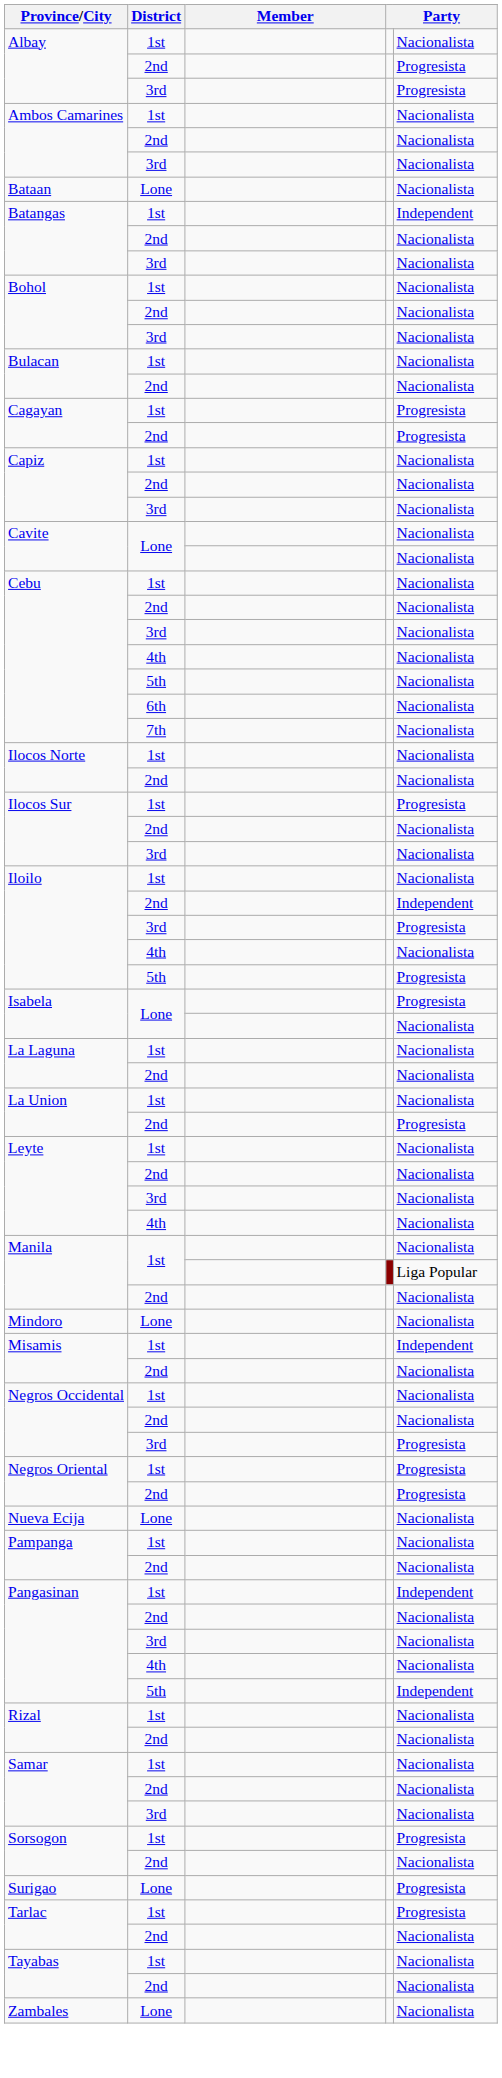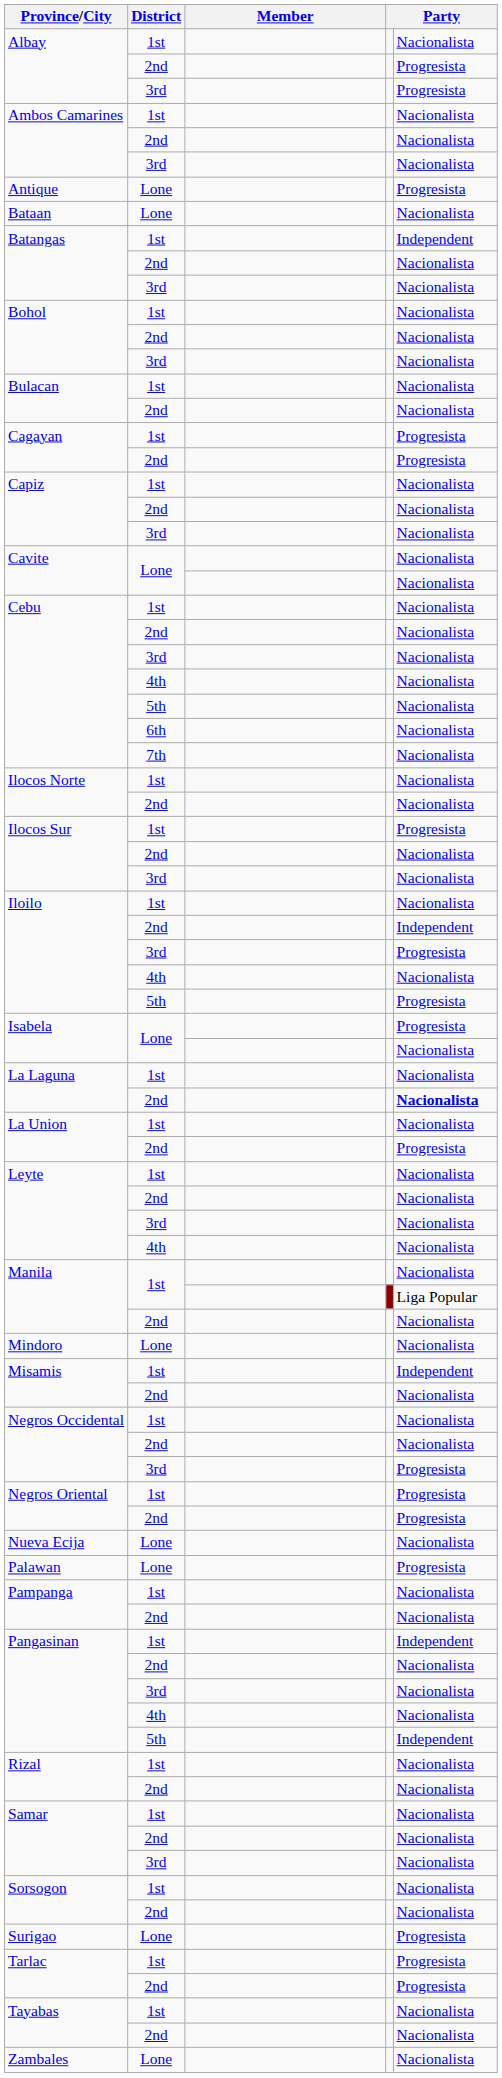 <table class="wikitable sortable">
 <tr>
 <th><a href='#'>Province</a>/<a href='#'>City</a></th>
 <th><a href='#'>District</a></th>
 <th width="200px"><a href='#'>Member</a></th>
 <th colspan="2"><a href='#'>Party</a></th>
 </tr>
 <tr>
 <td rowspan="3" valign="top"><a href='#'>Albay</a></td>
 <td align="center"><a href='#'>1st</a></td>
 <td></td>
 <td></td>
 <td width="100px"><a href='#'>Nacionalista</a></td>
 </tr>
 <tr>
 <td align="center"><a href='#'>2nd</a></td>
 <td></td>
 <td></td>
 <td><a href='#'>Progresista</a></td>
 </tr>
 <tr>
 <td align="center"><a href='#'>3rd</a></td>
 <td></td>
 <td></td>
 <td><a href='#'>Progresista</a></td>
 </tr>
 <tr>
 <td rowspan="3" valign="top"><a href='#'>Ambos Camarines</a></td>
 <td align="center"><a href='#'>1st</a></td>
 <td></td>
 <td></td>
 <td><a href='#'>Nacionalista</a></td>
 </tr>
 <tr>
 <td align="center"><a href='#'>2nd</a></td>
 <td></td>
 <td></td>
 <td><a href='#'>Nacionalista</a></td>
 </tr>
 <tr>
 <td align="center"><a href='#'>3rd</a></td>
 <td></td>
 <td></td>
 <td><a href='#'>Nacionalista</a></td>
+</tr>
+<tr>
+<td><a href='#'>Antique</a></td>
+<td align="center"><a href='#'>Lone</a></td>
+<td></td>
+<td></td>
+<td><a href='#'>Progresista</a></td>
 </tr>
 <tr>
 <td valign="top"><a href='#'>Bataan</a></td>
 <td align="center"><a href='#'>Lone</a></td>
 <td></td>
 <td></td>
 <td><a href='#'>Nacionalista</a></td>
 </tr>
 <tr>
 <td rowspan="3" valign="top"><a href='#'>Batangas</a></td>
 <td align="center"><a href='#'>1st</a></td>
 <td></td>
 <td></td>
 <td><a href='#'>Independent</a></td>
 </tr>
 <tr>
 <td align="center"><a href='#'>2nd</a></td>
 <td></td>
 <td></td>
 <td><a href='#'>Nacionalista</a></td>
 </tr>
 <tr>
 <td align="center"><a href='#'>3rd</a></td>
 <td></td>
 <td></td>
 <td><a href='#'>Nacionalista</a></td>
 </tr>
 <tr>
 <td rowspan="3" valign="top"><a href='#'>Bohol</a></td>
 <td align="center"><a href='#'>1st</a></td>
 <td></td>
 <td></td>
 <td><a href='#'>Nacionalista</a></td>
 </tr>
 <tr>
 <td align="center"><a href='#'>2nd</a></td>
 <td></td>
 <td></td>
 <td><a href='#'>Nacionalista</a></td>
 </tr>
 <tr>
 <td align="center"><a href='#'>3rd</a></td>
 <td></td>
 <td></td>
 <td><a href='#'>Nacionalista</a></td>
 </tr>
 <tr>
 <td rowspan="2" valign="top"><a href='#'>Bulacan</a></td>
 <td align="center"><a href='#'>1st</a></td>
 <td></td>
 <td></td>
 <td><a href='#'>Nacionalista</a></td>
 </tr>
 <tr>
 <td align="center"><a href='#'>2nd</a></td>
 <td></td>
 <td></td>
 <td><a href='#'>Nacionalista</a></td>
 </tr>
 <tr>
 <td rowspan="2" valign="top"><a href='#'>Cagayan</a></td>
 <td align="center"><a href='#'>1st</a></td>
 <td></td>
 <td></td>
 <td><a href='#'>Progresista</a></td>
 </tr>
 <tr>
 <td align="center"><a href='#'>2nd</a></td>
 <td></td>
 <td></td>
 <td><a href='#'>Progresista</a></td>
 </tr>
 <tr>
 <td rowspan="3" valign="top"><a href='#'>Capiz</a></td>
 <td align="center"><a href='#'>1st</a></td>
 <td></td>
 <td></td>
 <td><a href='#'>Nacionalista</a></td>
 </tr>
 <tr>
 <td align="center"><a href='#'>2nd</a></td>
 <td></td>
 <td></td>
 <td><a href='#'>Nacionalista</a></td>
 </tr>
 <tr>
 <td align="center"><a href='#'>3rd</a></td>
 <td></td>
 <td></td>
 <td><a href='#'>Nacionalista</a></td>
 </tr>
 <tr>
 <td rowspan="2" valign="top"><a href='#'>Cavite</a></td>
 <td rowspan="2" align="center"><a href='#'>Lone</a></td>
 <td></td>
 <td></td>
 <td><a href='#'>Nacionalista</a></td>
 </tr>
 <tr>
 <td></td>
 <td></td>
 <td><a href='#'>Nacionalista</a></td>
 </tr>
 <tr>
 <td rowspan="7" valign="top"><a href='#'>Cebu</a></td>
 <td align="center"><a href='#'>1st</a></td>
 <td></td>
 <td></td>
 <td><a href='#'>Nacionalista</a></td>
 </tr>
 <tr>
 <td align="center"><a href='#'>2nd</a></td>
 <td></td>
 <td></td>
 <td><a href='#'>Nacionalista</a></td>
 </tr>
 <tr>
 <td align="center"><a href='#'>3rd</a></td>
 <td></td>
 <td></td>
 <td><a href='#'>Nacionalista</a></td>
 </tr>
 <tr>
 <td align="center"><a href='#'>4th</a></td>
 <td></td>
 <td></td>
 <td><a href='#'>Nacionalista</a></td>
 </tr>
 <tr>
 <td align="center"><a href='#'>5th</a></td>
 <td></td>
 <td></td>
 <td><a href='#'>Nacionalista</a></td>
 </tr>
 <tr>
 <td align="center"><a href='#'>6th</a></td>
 <td></td>
 <td></td>
 <td><a href='#'>Nacionalista</a></td>
 </tr>
 <tr>
 <td align="center"><a href='#'>7th</a></td>
 <td></td>
 <td></td>
 <td><a href='#'>Nacionalista</a></td>
 </tr>
 <tr>
 <td rowspan="2" valign="top"><a href='#'>Ilocos Norte</a></td>
 <td align="center"><a href='#'>1st</a></td>
 <td></td>
 <td></td>
 <td><a href='#'>Nacionalista</a></td>
 </tr>
 <tr>
 <td align="center"><a href='#'>2nd</a></td>
 <td></td>
 <td></td>
 <td><a href='#'>Nacionalista</a></td>
 </tr>
 <tr>
 <td rowspan="3" valign="top"><a href='#'>Ilocos Sur</a></td>
 <td align="center"><a href='#'>1st</a></td>
 <td></td>
 <td></td>
 <td><a href='#'>Progresista</a></td>
 </tr>
 <tr>
 <td align="center"><a href='#'>2nd</a></td>
 <td></td>
 <td></td>
 <td><a href='#'>Nacionalista</a></td>
 </tr>
 <tr>
 <td align="center"><a href='#'>3rd</a></td>
 <td></td>
 <td></td>
 <td><a href='#'>Nacionalista</a></td>
 </tr>
 <tr>
 <td rowspan="5" valign="top"><a href='#'>Iloilo</a></td>
 <td align="center"><a href='#'>1st</a></td>
 <td></td>
 <td></td>
 <td><a href='#'>Nacionalista</a></td>
 </tr>
 <tr>
 <td align="center"><a href='#'>2nd</a></td>
 <td></td>
 <td></td>
 <td><a href='#'>Independent</a></td>
 </tr>
 <tr>
 <td align="center"><a href='#'>3rd</a></td>
 <td></td>
 <td></td>
 <td><a href='#'>Progresista</a></td>
 </tr>
 <tr>
 <td align="center"><a href='#'>4th</a></td>
 <td></td>
 <td></td>
 <td><a href='#'>Nacionalista</a></td>
 </tr>
 <tr>
 <td align="center"><a href='#'>5th</a></td>
 <td></td>
 <td></td>
 <td><a href='#'>Progresista</a></td>
 </tr>
 <tr>
 <td rowspan="2" valign="top"><a href='#'>Isabela</a></td>
 <td rowspan="2" align="center"><a href='#'>Lone</a></td>
 <td></td>
 <td></td>
 <td><a href='#'>Progresista</a></td>
 </tr>
 <tr>
 <td></td>
 <td></td>
 <td><a href='#'>Nacionalista</a></td>
 </tr>
 <tr>
 <td rowspan="2" valign="top"><a href='#'>La Laguna</a></td>
 <td align="center"><a href='#'>1st</a></td>
 <td></td>
 <td></td>
 <td><a href='#'>Nacionalista</a></td>
 </tr>
 <tr>
 <td align="center"><a href='#'>2nd</a></td>
 <td></td>
 <td></td>
-<td><a href='#'>Nacionalista</a></td>
+<td><strong><a href='#'>Nacionalista</a></strong></td>
 </tr>
 <tr>
 <td rowspan="2" valign="top"><a href='#'>La Union</a></td>
 <td align="center"><a href='#'>1st</a></td>
 <td></td>
 <td></td>
 <td><a href='#'>Nacionalista</a></td>
 </tr>
 <tr>
 <td align="center"><a href='#'>2nd</a></td>
 <td></td>
 <td></td>
 <td><a href='#'>Progresista</a></td>
 </tr>
 <tr>
 <td rowspan="4" valign="top"><a href='#'>Leyte</a></td>
 <td align="center"><a href='#'>1st</a></td>
 <td></td>
 <td></td>
 <td><a href='#'>Nacionalista</a></td>
 </tr>
 <tr>
 <td align="center"><a href='#'>2nd</a></td>
 <td></td>
 <td></td>
 <td><a href='#'>Nacionalista</a></td>
 </tr>
 <tr>
 <td align="center"><a href='#'>3rd</a></td>
 <td></td>
 <td></td>
 <td><a href='#'>Nacionalista</a></td>
 </tr>
 <tr>
 <td align="center"><a href='#'>4th</a></td>
 <td></td>
 <td></td>
 <td><a href='#'>Nacionalista</a></td>
 </tr>
 <tr>
 <td rowspan="3" valign="top"><a href='#'>Manila</a></td>
 <td rowspan="2" align="center"><a href='#'>1st</a></td>
 <td></td>
 <td></td>
 <td><a href='#'>Nacionalista</a></td>
 </tr>
 <tr>
 <td></td>
 <td bgcolor="darkred"></td>
 <td>Liga Popular</td>
 </tr>
 <tr>
 <td align="center"><a href='#'>2nd</a></td>
 <td></td>
 <td></td>
 <td><a href='#'>Nacionalista</a></td>
 </tr>
 <tr>
 <td><a href='#'>Mindoro</a></td>
 <td align="center"><a href='#'>Lone</a></td>
 <td></td>
 <td></td>
 <td><a href='#'>Nacionalista</a></td>
 </tr>
 <tr>
 <td rowspan="2" valign="top"><a href='#'>Misamis</a></td>
 <td align="center"><a href='#'>1st</a></td>
 <td></td>
 <td></td>
 <td><a href='#'>Independent</a></td>
 </tr>
 <tr>
 <td align="center"><a href='#'>2nd</a></td>
 <td></td>
 <td></td>
 <td><a href='#'>Nacionalista</a></td>
 </tr>
 <tr>
 <td rowspan="3" valign="top"><a href='#'>Negros Occidental</a></td>
 <td align="center"><a href='#'>1st</a></td>
 <td></td>
 <td></td>
 <td><a href='#'>Nacionalista</a></td>
 </tr>
 <tr>
 <td align="center"><a href='#'>2nd</a></td>
 <td></td>
 <td></td>
 <td><a href='#'>Nacionalista</a></td>
 </tr>
 <tr>
 <td align="center"><a href='#'>3rd</a></td>
 <td></td>
 <td></td>
 <td><a href='#'>Progresista</a></td>
 </tr>
 <tr>
 <td rowspan="2" valign="top"><a href='#'>Negros Oriental</a></td>
 <td align="center"><a href='#'>1st</a></td>
 <td></td>
 <td></td>
 <td><a href='#'>Progresista</a></td>
 </tr>
 <tr>
 <td align="center"><a href='#'>2nd</a></td>
 <td></td>
 <td></td>
 <td><a href='#'>Progresista</a></td>
 </tr>
 <tr>
 <td valign="top"><a href='#'>Nueva Ecija</a></td>
 <td align="center"><a href='#'>Lone</a></td>
 <td></td>
 <td></td>
 <td><a href='#'>Nacionalista</a></td>
 </tr>
 <tr>
+<td valign="top"><a href='#'>Palawan</a></td>
+<td align="center"><a href='#'>Lone</a></td>
+<td></td>
+<td></td>
+<td><a href='#'>Progresista</a></td>
+</tr>
+<tr>
 <td rowspan="2" valign="top"><a href='#'>Pampanga</a></td>
 <td align="center"><a href='#'>1st</a></td>
 <td></td>
 <td></td>
 <td><a href='#'>Nacionalista</a></td>
 </tr>
 <tr>
 <td align="center"><a href='#'>2nd</a></td>
 <td></td>
 <td></td>
 <td><a href='#'>Nacionalista</a></td>
 </tr>
 <tr>
 <td rowspan="5" valign="top"><a href='#'>Pangasinan</a></td>
 <td align="center"><a href='#'>1st</a></td>
 <td></td>
 <td></td>
 <td><a href='#'>Independent</a></td>
 </tr>
 <tr>
 <td align="center"><a href='#'>2nd</a></td>
 <td></td>
 <td></td>
 <td><a href='#'>Nacionalista</a></td>
 </tr>
 <tr>
 <td align="center"><a href='#'>3rd</a></td>
 <td></td>
 <td></td>
 <td><a href='#'>Nacionalista</a></td>
 </tr>
 <tr>
 <td align="center"><a href='#'>4th</a></td>
 <td></td>
 <td></td>
 <td><a href='#'>Nacionalista</a></td>
 </tr>
 <tr>
 <td align="center"><a href='#'>5th</a></td>
 <td></td>
 <td></td>
 <td><a href='#'>Independent</a></td>
 </tr>
 <tr>
 <td rowspan="2" valign="top"><a href='#'>Rizal</a></td>
 <td align="center"><a href='#'>1st</a></td>
 <td></td>
 <td></td>
 <td><a href='#'>Nacionalista</a></td>
 </tr>
 <tr>
 <td align="center"><a href='#'>2nd</a></td>
 <td></td>
 <td></td>
 <td><a href='#'>Nacionalista</a></td>
 </tr>
 <tr>
 <td rowspan="3" valign="top"><a href='#'>Samar</a></td>
 <td align="center"><a href='#'>1st</a></td>
 <td></td>
 <td></td>
 <td><a href='#'>Nacionalista</a></td>
 </tr>
 <tr>
 <td align="center"><a href='#'>2nd</a></td>
 <td></td>
 <td></td>
 <td><a href='#'>Nacionalista</a></td>
 </tr>
 <tr>
 <td align="center"><a href='#'>3rd</a></td>
 <td></td>
 <td></td>
 <td><a href='#'>Nacionalista</a></td>
 </tr>
 <tr>
 <td rowspan="2" valign="top"><a href='#'>Sorsogon</a></td>
 <td align="center"><a href='#'>1st</a></td>
 <td></td>
 <td></td>
-<td><a href='#'>Progresista</a></td>
+<td><a href='#'>Nacionalista</a></td>
 </tr>
 <tr>
 <td align="center"><a href='#'>2nd</a></td>
 <td></td>
 <td></td>
 <td><a href='#'>Nacionalista</a></td>
 </tr>
 <tr>
 <td valign="top"><a href='#'>Surigao</a></td>
 <td align="center"><a href='#'>Lone</a></td>
 <td></td>
 <td></td>
 <td><a href='#'>Progresista</a></td>
 </tr>
 <tr>
 <td rowspan="2" valign="top"><a href='#'>Tarlac</a></td>
 <td align="center"><a href='#'>1st</a></td>
 <td></td>
 <td></td>
 <td><a href='#'>Progresista</a></td>
 </tr>
 <tr>
 <td align="center"><a href='#'>2nd</a></td>
 <td></td>
 <td></td>
-<td><a href='#'>Nacionalista</a></td>
+<td><a href='#'>Progresista</a></td>
 </tr>
 <tr>
 <td rowspan="2" valign="top"><a href='#'>Tayabas</a></td>
 <td align="center"><a href='#'>1st</a></td>
 <td></td>
 <td></td>
 <td><a href='#'>Nacionalista</a></td>
 </tr>
 <tr>
 <td align="center"><a href='#'>2nd</a></td>
 <td></td>
 <td></td>
 <td><a href='#'>Nacionalista</a></td>
 </tr>
 <tr>
 <td valign="top"><a href='#'>Zambales</a></td>
 <td align="center"><a href='#'>Lone</a></td>
 <td></td>
 <td></td>
 <td><a href='#'>Nacionalista</a></td>
 </tr>
 </table>
